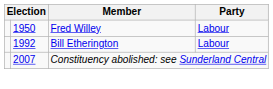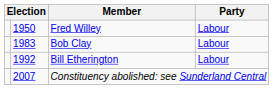 <table class="wikitable">
 <tr>
 <th colspan="2">Election</th>
 <th>Member</th>
 <th>Party</th>
 </tr>
 <tr>
 <td style="color:inherit;background-color: "></td>
 <td><a href='#'>1950</a></td>
 <td><a href='#'>Fred Willey</a></td>
 <td><a href='#'>Labour</a></td>
 </tr>
 <tr>
 <td style="color:inherit;background-color: "></td>
+<td><a href='#'>1983</a></td>
+<td><a href='#'>Bob Clay</a></td>
+<td><a href='#'>Labour</a></td>
+</tr>
+<tr>
+<td style="color:inherit;background-color: "></td>
 <td><a href='#'>1992</a></td>
 <td><a href='#'>Bill Etherington</a></td>
 <td><a href='#'>Labour</a></td>
 </tr>
 <tr>
 <td></td>
 <td><a href='#'>2007</a></td>
 <td colspan="2"><em>Constituency abolished: see <a href='#'>Sunderland Central</a></em></td>
 </tr>
 </table>
